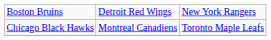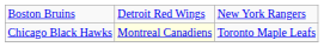 <table class="wikitable">
 <tr>
 <td><a href='#'>Boston Bruins</a></td>
 <td><a href='#'>Detroit Red Wings</a></td>
 <td><a href='#'>New York Rangers</a></td>
 </tr>
 <tr>
 <td><a href='#'>Chicago Black Hawks</a></td>
-<td><a href='#'>Montreal Canadiens</a></td>
+<td style="background: lightyellow;"><a href='#'>Montreal Canadiens</a></td>
 <td><a href='#'>Toronto Maple Leafs</a></td>
 </tr>
 <tr>
 </tr>
 </table>
